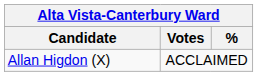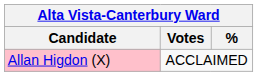 <table class="wikitable">
 <tr>
 <th colspan="3"><a href='#'>Alta Vista-Canterbury Ward</a></th>
 </tr>
 <tr>
 <th style="width: 170px">Candidate</th>
 <th style="width: 50px">Votes</th>
 <th style="width: 40px">%</th>
 </tr>
 <tr>
-<td><a href='#'>Allan Higdon</a> (X)</td>
+<td style="background: pink;"><a href='#'>Allan Higdon</a> (X)</td>
 <td colspan="2" align="center">ACCLAIMED</td>
 </tr>
 </table>
